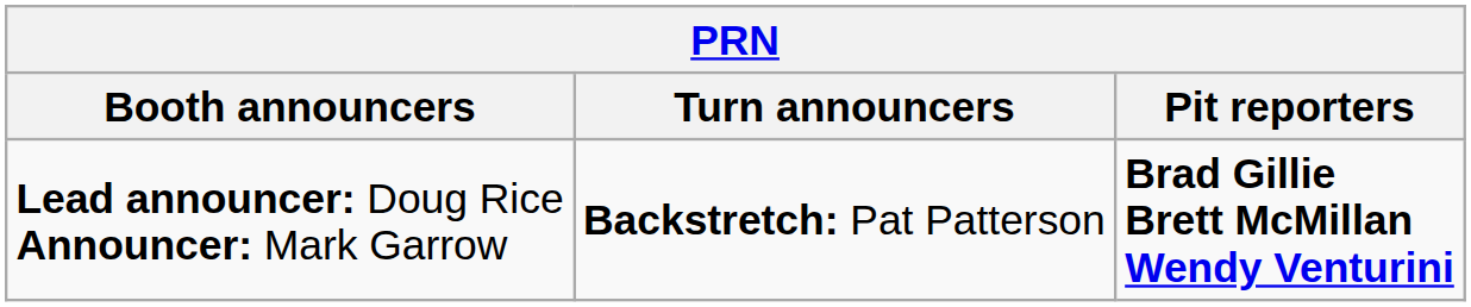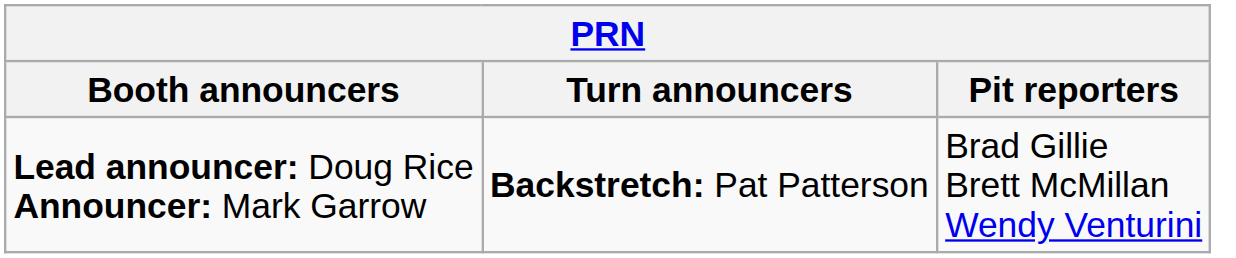 <table class="wikitable" style="font-size: 95%">
 <tr>
 <th colspan="3"><a href='#'>PRN</a></th>
 </tr>
 <tr>
 <th>Booth announcers</th>
 <th>Turn announcers</th>
 <th>Pit reporters</th>
 </tr>
 <tr>
 <td><strong>Lead announcer:</strong> Doug Rice<br><strong>Announcer:</strong> Mark Garrow</td>
 <td><strong>Backstretch:</strong> Pat Patterson</td>
-<td><strong>Brad Gillie<br>Brett McMillan<br><a href='#'>Wendy Venturini</a></strong></td>
+<td>Brad Gillie<br>Brett McMillan<br><a href='#'>Wendy Venturini</a></td>
 </tr>
 </table>
